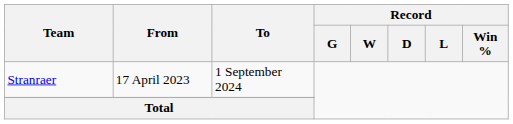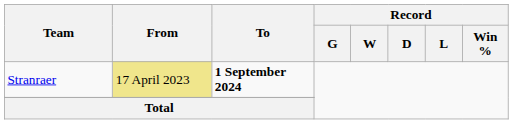 <table class="wikitable" style="text-align: center">
 <tr>
 <th rowspan="2!" style="width:130px;">Team</th>
 <th rowspan="2!" style="width:120px;">From</th>
 <th rowspan="2!" style="width:120px;">To</th>
 <th colspan=5>Record</th>
 </tr>
 <tr>
 <th width=40>G</th>
 <th width=40>W</th>
 <th width=40>D</th>
 <th width=40>L</th>
 <th width=50>Win %</th>
 </tr>
 <tr>
 <td align=left><a href='#'>Stranraer</a></td>
-<td align=left>17 April 2023</td>
-<td align=left>1 September 2024<br></td>
+<td align=left style="background: khaki;">17 April 2023</td>
+<td align=left><strong>1 September 2024<br></strong></td>
 </tr>
 <tr>
 </tr>
 <tr>
 <th colspan=3>Total<br></th>
 </tr>
 </table>
